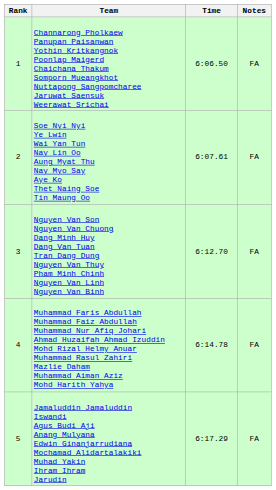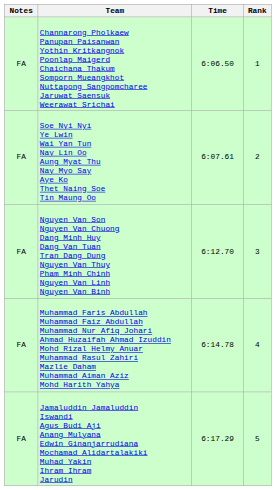 <table class="wikitable" style="text-align:center;">
 <tr>
-<th width=40>Rank</th>
+<th width=50>Notes</th>
 <th width=250>Team</th>
 <th width=80>Time</th>
-<th width=50>Notes</th>
+<th width=40>Rank</th>
 </tr>
 <tr bgcolor=ccffcc>
-<td>1</td>
+<td>FA</td>
 <td align=left><br><a href='#'>Channarong Pholkaew</a><br><a href='#'>Panupan Paisanwan</a><br><a href='#'>Yothin Kritkangnok</a><br><a href='#'>Poonlap Maigerd</a><br><a href='#'>Chaichana Thakum</a><br><a href='#'>Somporn Mueangkhot</a><br><a href='#'>Nuttapong Sangpomcharee</a><br><a href='#'>Jaruwat Saensuk</a><br><a href='#'>Weerawat Srichai</a></td>
 <td>6:06.50</td>
-<td>FA</td>
+<td>1</td>
 </tr>
 <tr bgcolor=ccffcc>
-<td>2</td>
+<td>FA</td>
 <td align=left><br><a href='#'>Soe Nyi Nyi</a><br><a href='#'>Ye Lwin</a><br><a href='#'>Wai Yan Tun</a><br><a href='#'>Nay Lin Oo</a><br><a href='#'>Aung Myat Thu</a><br><a href='#'>Nay Myo Say</a><br><a href='#'>Aye Ko</a><br><a href='#'>Thet Naing Soe</a><br><a href='#'>Tin Maung Oo</a></td>
 <td>6:07.61</td>
-<td>FA</td>
+<td>2</td>
 </tr>
 <tr bgcolor=ccffcc>
-<td>3</td>
+<td>FA</td>
 <td align=left><br><a href='#'>Nguyen Van Son</a><br><a href='#'>Nguyen Van Chuong</a><br><a href='#'>Dang Minh Huy</a><br><a href='#'>Dang Van Tuan</a><br><a href='#'>Tran Dang Dung</a><br><a href='#'>Nguyen Van Thuy</a><br><a href='#'>Pham Minh Chinh</a><br><a href='#'>Nguyen Van Linh</a><br><a href='#'>Nguyen Van Binh</a></td>
 <td>6:12.70</td>
-<td>FA</td>
+<td>3</td>
 </tr>
 <tr bgcolor=ccffcc>
-<td>4</td>
+<td>FA</td>
 <td align=left><br><a href='#'>Muhammad Faris Abdullah</a><br><a href='#'>Muhammad Faiz Abdullah</a><br><a href='#'>Muhammad Nur Afiq Johari</a><br><a href='#'>Ahmad Huzaifah Ahmad Izuddin</a><br><a href='#'>Mohd Rizal Helmy Anuar</a><br><a href='#'>Muhammad Rasul Zahiri</a><br><a href='#'>Mazlie Daham</a><br><a href='#'>Muhammad Aiman Aziz</a><br><a href='#'>Mohd Harith Yahya</a></td>
 <td>6:14.78</td>
-<td>FA</td>
+<td>4</td>
 </tr>
 <tr bgcolor=ccffcc>
-<td>5</td>
+<td>FA</td>
 <td align=left><br><a href='#'>Jamaluddin Jamaluddin</a><br><a href='#'>Iswandi</a><br><a href='#'>Agus Budi Aji</a><br><a href='#'>Anang Mulyana</a><br><a href='#'>Edwin Ginanjarrudiana</a><br><a href='#'>Mochamad Alidartalakiki</a><br><a href='#'>Muhad Yakin</a><br><a href='#'>Ihram Ihram</a><br><a href='#'>Jarudin</a></td>
 <td>6:17.29</td>
-<td>FA</td>
+<td>5</td>
 </tr>
 </table>
